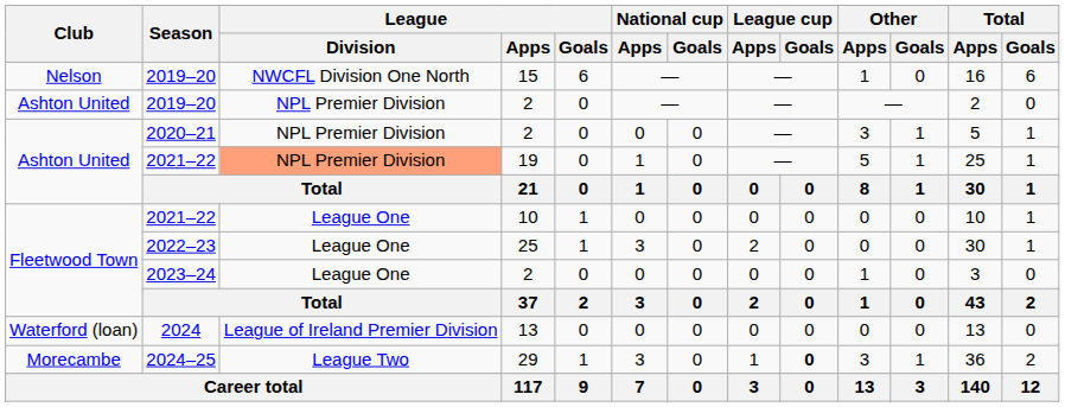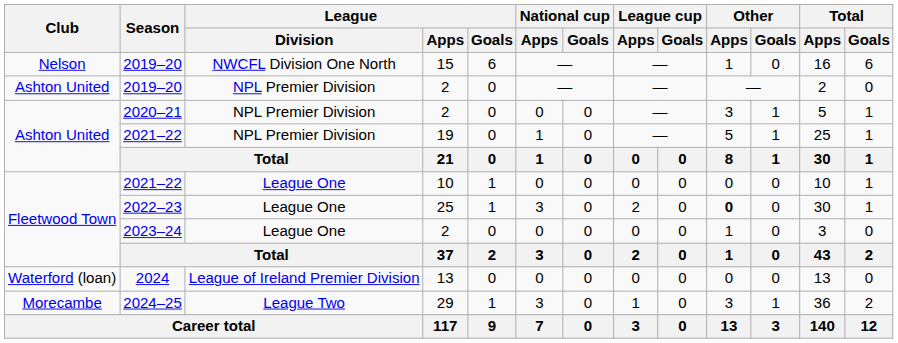 <table class=wikitable style="text-align: center;">
 <tr>
 <th rowspan=2>Club</th>
 <th rowspan=2>Season</th>
 <th colspan=3>League</th>
 <th colspan=2>National cup</th>
 <th colspan=2>League cup</th>
 <th colspan=2>Other</th>
 <th colspan=2>Total</th>
 </tr>
 <tr>
 <th>Division</th>
 <th>Apps</th>
 <th>Goals</th>
 <th>Apps</th>
 <th>Goals</th>
 <th>Apps</th>
 <th>Goals</th>
 <th>Apps</th>
 <th>Goals</th>
 <th>Apps</th>
 <th>Goals</th>
 </tr>
 <tr>
 <td><a href='#'>Nelson</a></td>
 <td><a href='#'>2019–20</a></td>
 <td><a href='#'>NWCFL</a> Division One North</td>
 <td>15</td>
 <td>6</td>
 <td colspan=2>—</td>
 <td colspan=2>—</td>
 <td>1</td>
 <td>0</td>
 <td>16</td>
 <td>6</td>
 </tr>
 <tr>
 <td><a href='#'>Ashton United</a></td>
 <td><a href='#'>2019–20</a></td>
 <td><a href='#'>NPL</a> Premier Division</td>
 <td>2</td>
 <td>0</td>
 <td colspan=2>—</td>
 <td colspan=2>—</td>
 <td colspan=2>—</td>
 <td>2</td>
 <td>0</td>
 </tr>
 <tr>
 <td rowspan=3><a href='#'>Ashton United</a></td>
 <td><a href='#'>2020–21</a></td>
 <td>NPL Premier Division</td>
 <td>2</td>
 <td>0</td>
 <td>0</td>
 <td>0</td>
 <td colspan=2>—</td>
 <td>3</td>
 <td>1</td>
 <td>5</td>
 <td>1</td>
 </tr>
 <tr>
 <td><a href='#'>2021–22</a></td>
-<td style="background: lightsalmon;">NPL Premier Division</td>
+<td>NPL Premier Division</td>
 <td>19</td>
 <td>0</td>
 <td>1</td>
 <td>0</td>
 <td colspan=2>—</td>
 <td>5</td>
 <td>1</td>
 <td>25</td>
 <td>1</td>
 </tr>
 <tr>
 <th colspan=2>Total</th>
 <th>21</th>
 <th>0</th>
 <th>1</th>
 <th>0</th>
 <th>0</th>
 <th>0</th>
 <th>8</th>
 <th>1</th>
 <th>30</th>
 <th>1</th>
 </tr>
 <tr>
 <td rowspan=4><a href='#'>Fleetwood Town</a></td>
 <td><a href='#'>2021–22</a></td>
 <td><a href='#'>League One</a></td>
 <td>10</td>
 <td>1</td>
 <td>0</td>
 <td>0</td>
 <td>0</td>
 <td>0</td>
 <td>0</td>
 <td>0</td>
 <td>10</td>
 <td>1</td>
 </tr>
 <tr>
 <td><a href='#'>2022–23</a></td>
 <td>League One</td>
 <td>25</td>
 <td>1</td>
 <td>3</td>
 <td>0</td>
 <td>2</td>
 <td>0</td>
-<td>0</td>
+<td><strong>0</strong></td>
 <td>0</td>
 <td>30</td>
 <td>1</td>
 </tr>
 <tr>
 <td><a href='#'>2023–24</a></td>
 <td>League One</td>
 <td>2</td>
 <td>0</td>
 <td>0</td>
 <td>0</td>
 <td>0</td>
 <td>0</td>
 <td>1</td>
 <td>0</td>
 <td>3</td>
 <td>0</td>
 </tr>
 <tr>
 <th colspan=2>Total</th>
 <th>37</th>
 <th>2</th>
 <th>3</th>
 <th>0</th>
 <th>2</th>
 <th>0</th>
 <th>1</th>
 <th>0</th>
 <th>43</th>
 <th>2</th>
 </tr>
 <tr>
 <td><a href='#'>Waterford</a> (loan)</td>
 <td><a href='#'>2024</a></td>
 <td><a href='#'>League of Ireland Premier Division</a></td>
 <td>13</td>
 <td>0</td>
 <td>0</td>
 <td>0</td>
 <td>0</td>
 <td>0</td>
 <td>0</td>
 <td>0</td>
 <td>13</td>
 <td>0</td>
 </tr>
 <tr>
 <td><a href='#'>Morecambe</a></td>
 <td><a href='#'>2024–25</a></td>
 <td><a href='#'>League Two</a></td>
 <td>29</td>
 <td>1</td>
 <td>3</td>
 <td>0</td>
 <td>1</td>
-<td><strong>0</strong></td>
+<td>0</td>
 <td>3</td>
 <td>1</td>
 <td>36</td>
 <td>2</td>
 </tr>
 <tr>
 <th colspan=3>Career total</th>
 <th>117</th>
 <th>9</th>
 <th>7</th>
 <th>0</th>
 <th>3</th>
 <th>0</th>
 <th>13</th>
 <th>3</th>
 <th>140</th>
 <th>12</th>
 </tr>
 </table>
